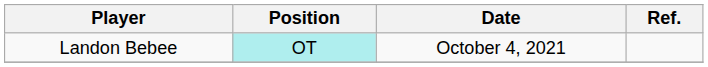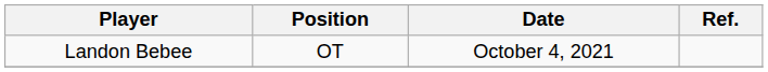 <table class="wikitable" style="width: 70%;text-align: center;">
 <tr>
 <th style=>Player</th>
 <th style=>Position</th>
 <th style=>Date</th>
 <th style=>Ref.</th>
 </tr>
 <tr align="center">
 <td>Landon Bebee</td>
-<td style="background: paleturquoise;">OT</td>
+<td>OT</td>
 <td>October 4, 2021</td>
 <td></td>
 </tr>
 <tr>
 </tr>
 </table>
